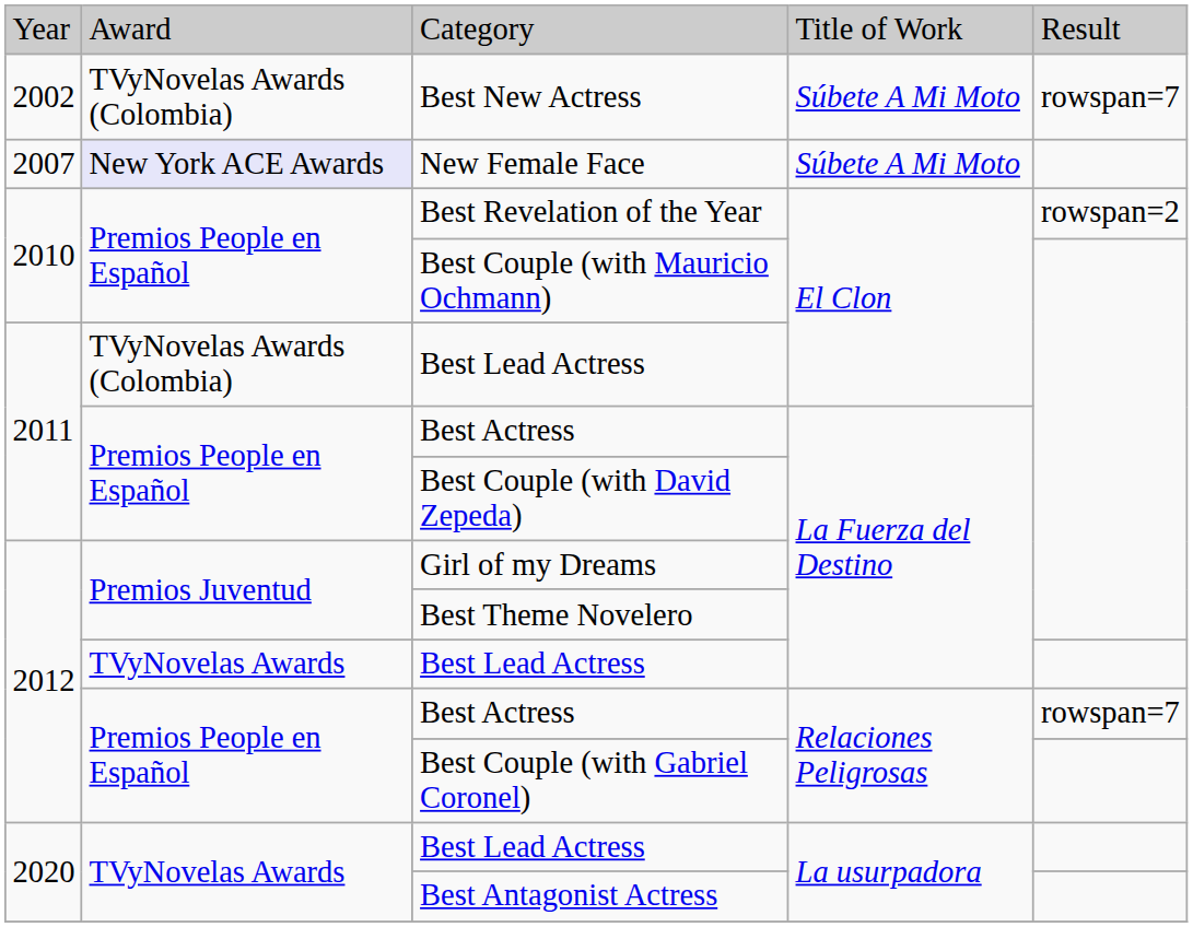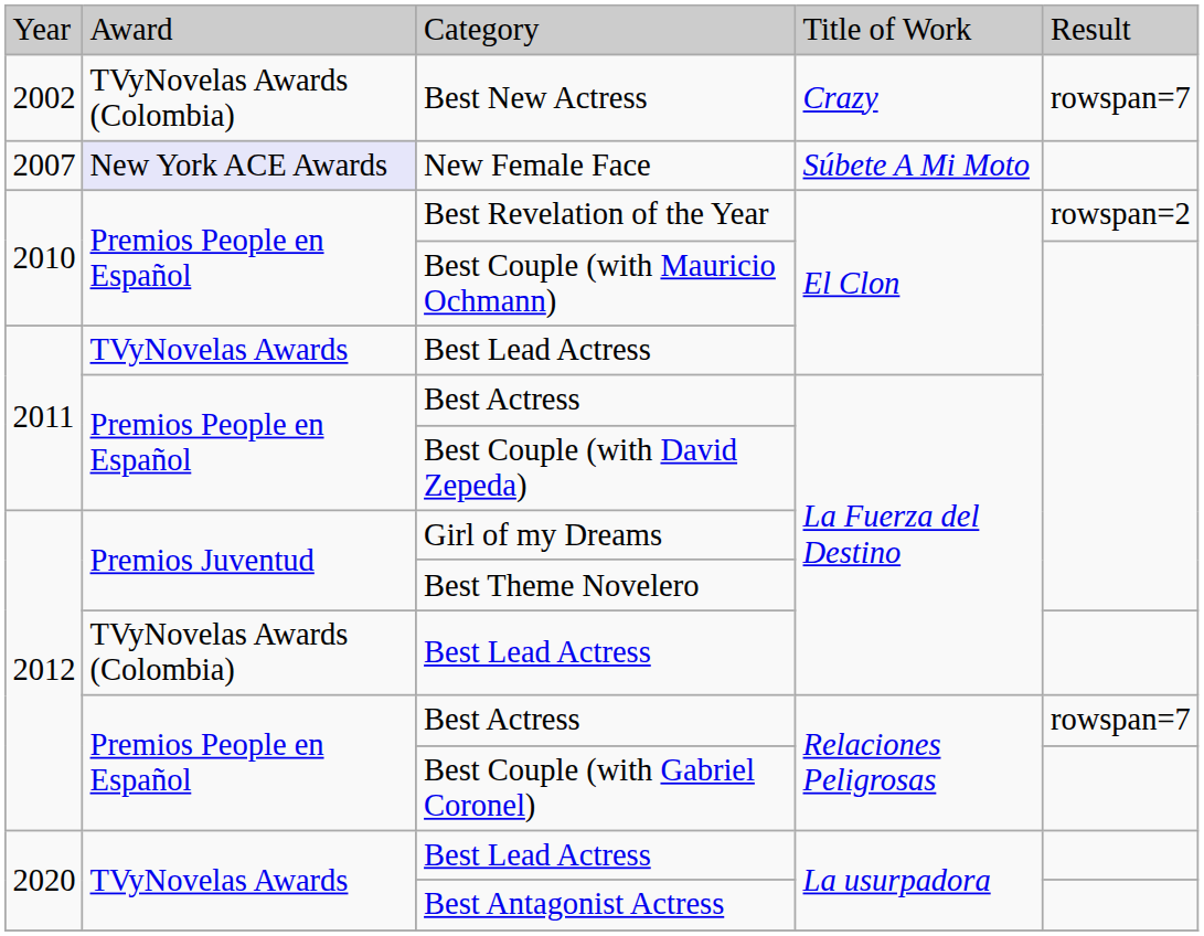 <table class="wikitable">
 <tr bgcolor="#CCCCCC">
 <td>Year</td>
 <td>Award</td>
 <td>Category</td>
 <td>Title of Work</td>
 <td>Result</td>
 </tr>
 <tr>
 <td>2002</td>
 <td>TVyNovelas Awards (Colombia)</td>
 <td>Best New Actress</td>
-<td><em><a href='#'>Súbete A Mi Moto</a></em></td>
+<td><em><a href='#'>Crazy</a></em></td>
 <td>rowspan=7 </td>
 </tr>
 <tr>
 <td>2007</td>
 <td style="background: lavender;">New York ACE Awards</td>
 <td>New Female Face</td>
 <td><em><a href='#'>Súbete A Mi Moto</a></em></td>
 </tr>
 <tr>
 <td rowspan=2>2010</td>
 <td rowspan=2><a href='#'>Premios People en Español</a></td>
 <td>Best Revelation of the Year</td>
 <td rowspan=3><em><a href='#'>El Clon</a></em></td>
 <td>rowspan=2 </td>
 </tr>
 <tr>
 <td>Best Couple (with <a href='#'>Mauricio Ochmann</a>)</td>
 </tr>
 <tr>
 <td rowspan=3>2011</td>
-<td>TVyNovelas Awards (Colombia)</td>
+<td><a href='#'>TVyNovelas Awards</a></td>
 <td>Best Lead Actress</td>
 </tr>
 <tr>
 <td rowspan=2><a href='#'>Premios People en Español</a></td>
 <td>Best Actress</td>
 <td rowspan=5><em><a href='#'>La Fuerza del Destino</a></em></td>
 </tr>
 <tr>
 <td>Best Couple (with <a href='#'>David Zepeda</a>)</td>
 </tr>
 <tr>
 <td rowspan=5>2012</td>
 <td rowspan=2><a href='#'>Premios Juventud</a></td>
 <td>Girl of my Dreams</td>
 </tr>
 <tr>
 <td>Best Theme Novelero</td>
 </tr>
 <tr>
-<td><a href='#'>TVyNovelas Awards</a></td>
+<td>TVyNovelas Awards (Colombia)</td>
 <td><a href='#'>Best Lead Actress</a></td>
 <td></td>
 </tr>
 <tr>
 <td rowspan=2><a href='#'>Premios People en Español</a></td>
 <td>Best Actress</td>
 <td rowspan=2><em><a href='#'>Relaciones Peligrosas</a></em></td>
 <td>rowspan=7 </td>
 </tr>
 <tr>
 <td>Best Couple (with <a href='#'>Gabriel Coronel</a>)</td>
 </tr>
 <tr>
 <td rowspan=2>2020</td>
 <td rowspan=2><a href='#'>TVyNovelas Awards</a></td>
 <td><a href='#'>Best Lead Actress</a></td>
 <td rowspan=2><em><a href='#'>La usurpadora</a></em></td>
 <td></td>
 </tr>
 <tr>
 <td><a href='#'>Best Antagonist Actress</a></td>
 <td></td>
 </tr>
 <tr>
 </tr>
 </table>
